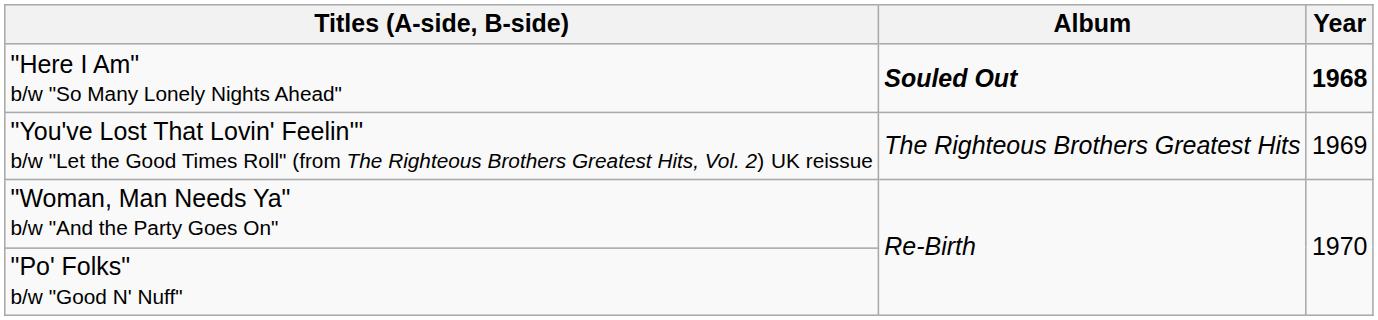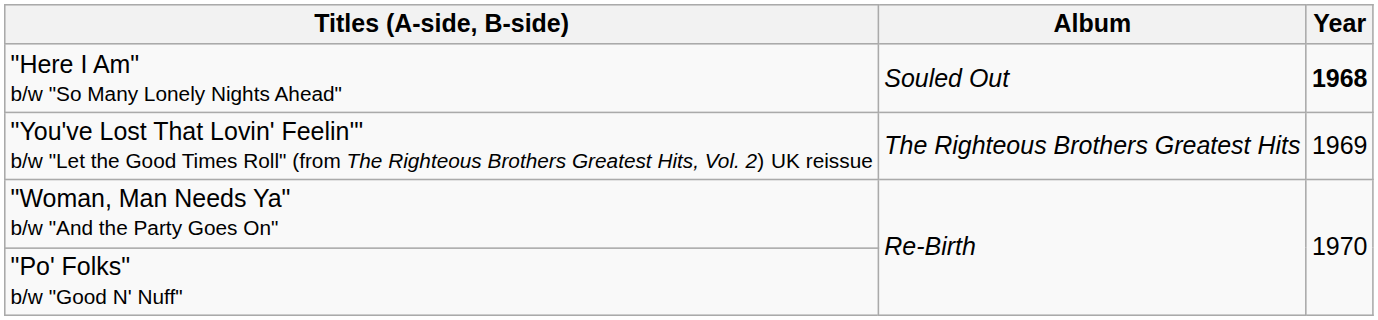 <table class="wikitable" style="text-align:center;">
 <tr>
 <th>Titles (A-side, B-side)</th>
 <th>Album</th>
 <th>Year</th>
 </tr>
 <tr>
 <td align="left">"Here I Am"<br><small>b/w "So Many Lonely Nights Ahead"</small></td>
-<td align="left"><strong><em>Souled Out</em></strong></td>
+<td align="left"><em>Souled Out</em></td>
 <td><strong>1968</strong></td>
 </tr>
 <tr>
 <td align="left">"You've Lost That Lovin' Feelin'"<br><small>b/w "Let the Good Times Roll" (from <em>The Righteous Brothers Greatest Hits, Vol. 2</em>)</small> <small>UK reissue</small></td>
 <td align="left"><em>The Righteous Brothers Greatest Hits</em></td>
 <td>1969</td>
 </tr>
 <tr>
 <td align="left">"Woman, Man Needs Ya"<br><small>b/w "And the Party Goes On"</small></td>
 <td rowspan="2" align="left"><em>Re-Birth</em></td>
 <td rowspan="2">1970</td>
 </tr>
 <tr>
 <td align="left">"Po' Folks"<br><small>b/w "Good N' Nuff"</small></td>
 </tr>
 </table>
